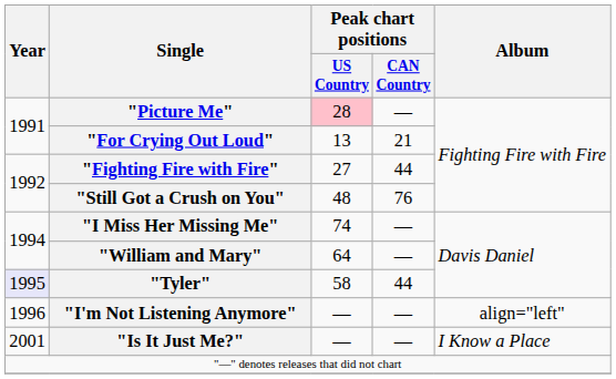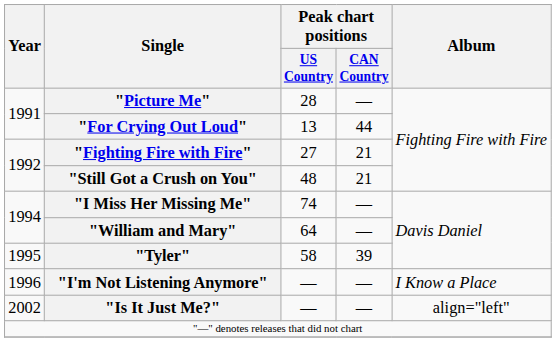 <table class="wikitable plainrowheaders" style="text-align:center;">
 <tr>
 <th rowspan="2">Year</th>
 <th rowspan="2" style="width:14em;">Single</th>
 <th colspan="2">Peak chart<br>positions</th>
 <th rowspan="2">Album</th>
 </tr>
 <tr style="font-size:smaller;">
 <th width="45"><a href='#'>US Country</a><br></th>
 <th width="45"><a href='#'>CAN Country</a><br></th>
 </tr>
 <tr>
 <td rowspan="2">1991</td>
 <th scope="row">"<a href='#'>Picture Me</a>"</th>
-<td style="background: pink;">28</td>
+<td>28</td>
 <td>—</td>
 <td align="left" rowspan="4"><em>Fighting Fire with Fire</em></td>
 </tr>
 <tr>
 <th scope="row">"<a href='#'>For Crying Out Loud</a>"</th>
 <td>13</td>
-<td>21</td>
+<td>44</td>
 </tr>
 <tr>
 <td rowspan="2">1992</td>
 <th scope="row">"<a href='#'>Fighting Fire with Fire</a>"</th>
 <td>27</td>
-<td>44</td>
+<td>21</td>
 </tr>
 <tr>
 <th scope="row">"Still Got a Crush on You"</th>
 <td>48</td>
-<td>76</td>
+<td>21</td>
 </tr>
 <tr>
 <td rowspan="2">1994</td>
 <th scope="row">"I Miss Her Missing Me"</th>
 <td>74</td>
 <td>—</td>
 <td align="left" rowspan="3"><em>Davis Daniel</em></td>
 </tr>
 <tr>
 <th scope="row">"William and Mary"</th>
 <td>64</td>
 <td>—</td>
 </tr>
 <tr>
-<td style="background: lavender;">1995</td>
+<td>1995</td>
 <th scope="row">"Tyler"</th>
 <td>58</td>
-<td>44</td>
+<td>39</td>
 </tr>
 <tr>
 <td>1996</td>
 <th scope="row">"I'm Not Listening Anymore"</th>
 <td>—</td>
 <td>—</td>
-<td>align="left" </td>
+<td align="left"><em>I Know a Place</em></td>
 </tr>
 <tr>
-<td>2001</td>
+<td>2002</td>
 <th scope="row">"Is It Just Me?"</th>
 <td>—</td>
 <td>—</td>
-<td align="left"><em>I Know a Place</em></td>
+<td>align="left" </td>
 </tr>
 <tr>
 <td colspan="5" style="font-size:8pt">"—" denotes releases that did not chart</td>
 </tr>
 <tr>
 </tr>
 </table>
